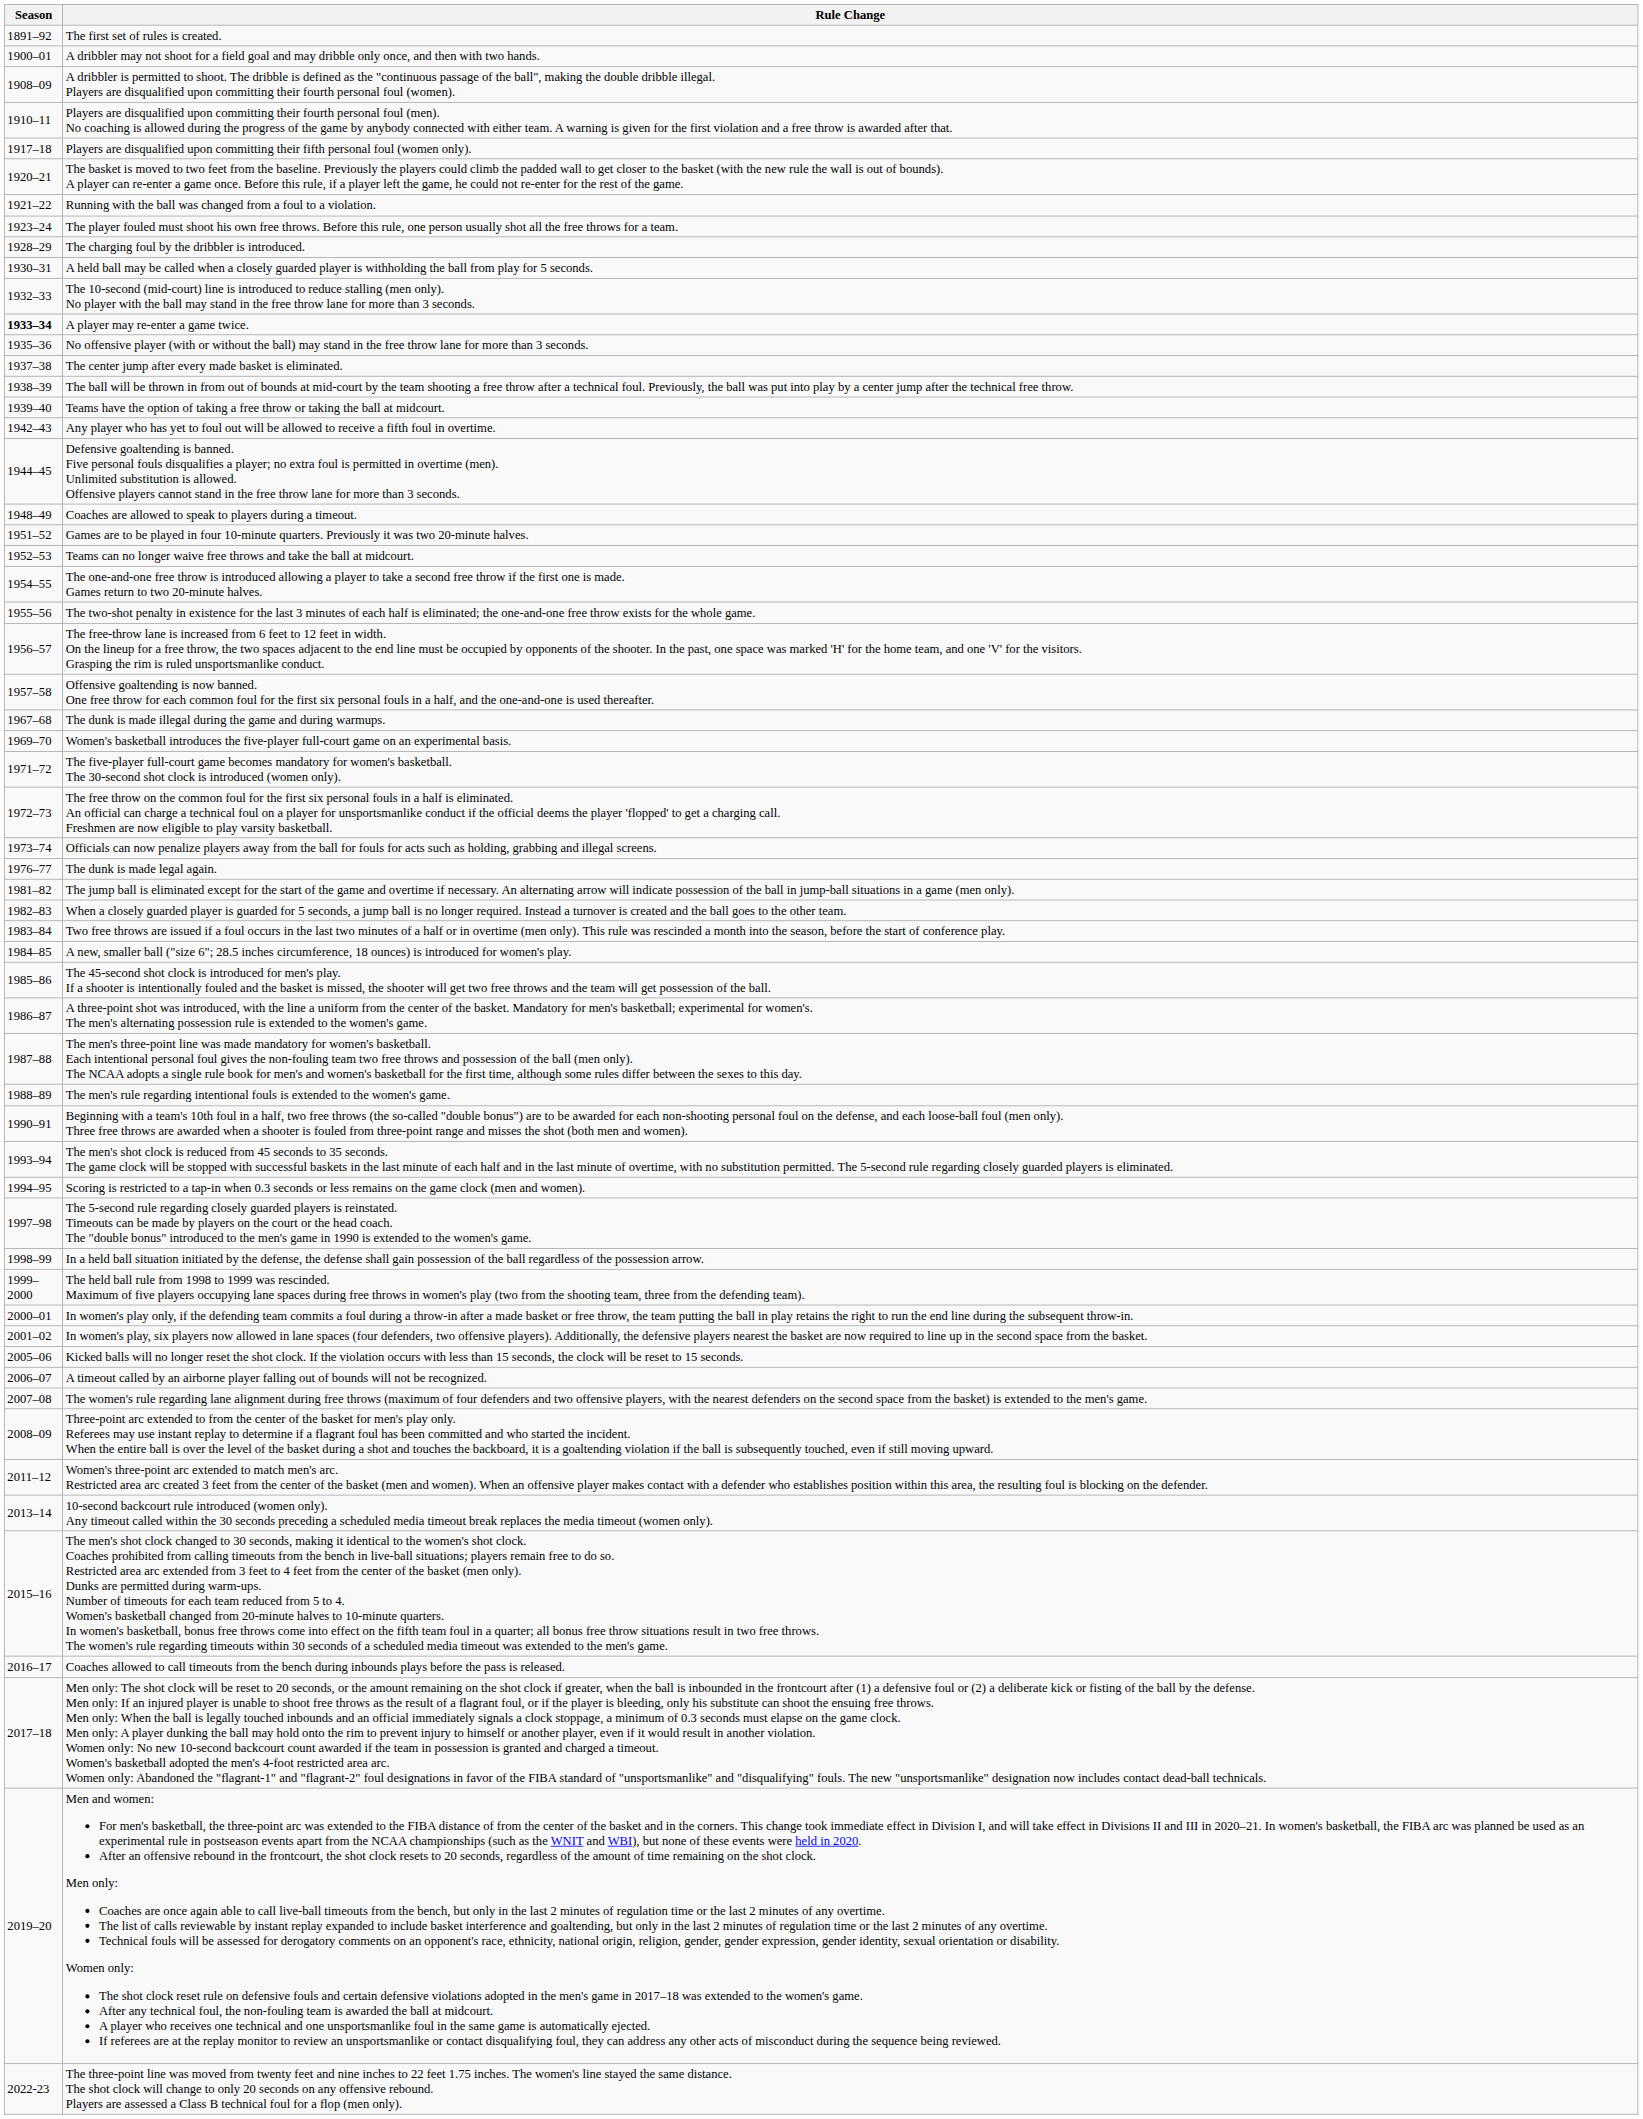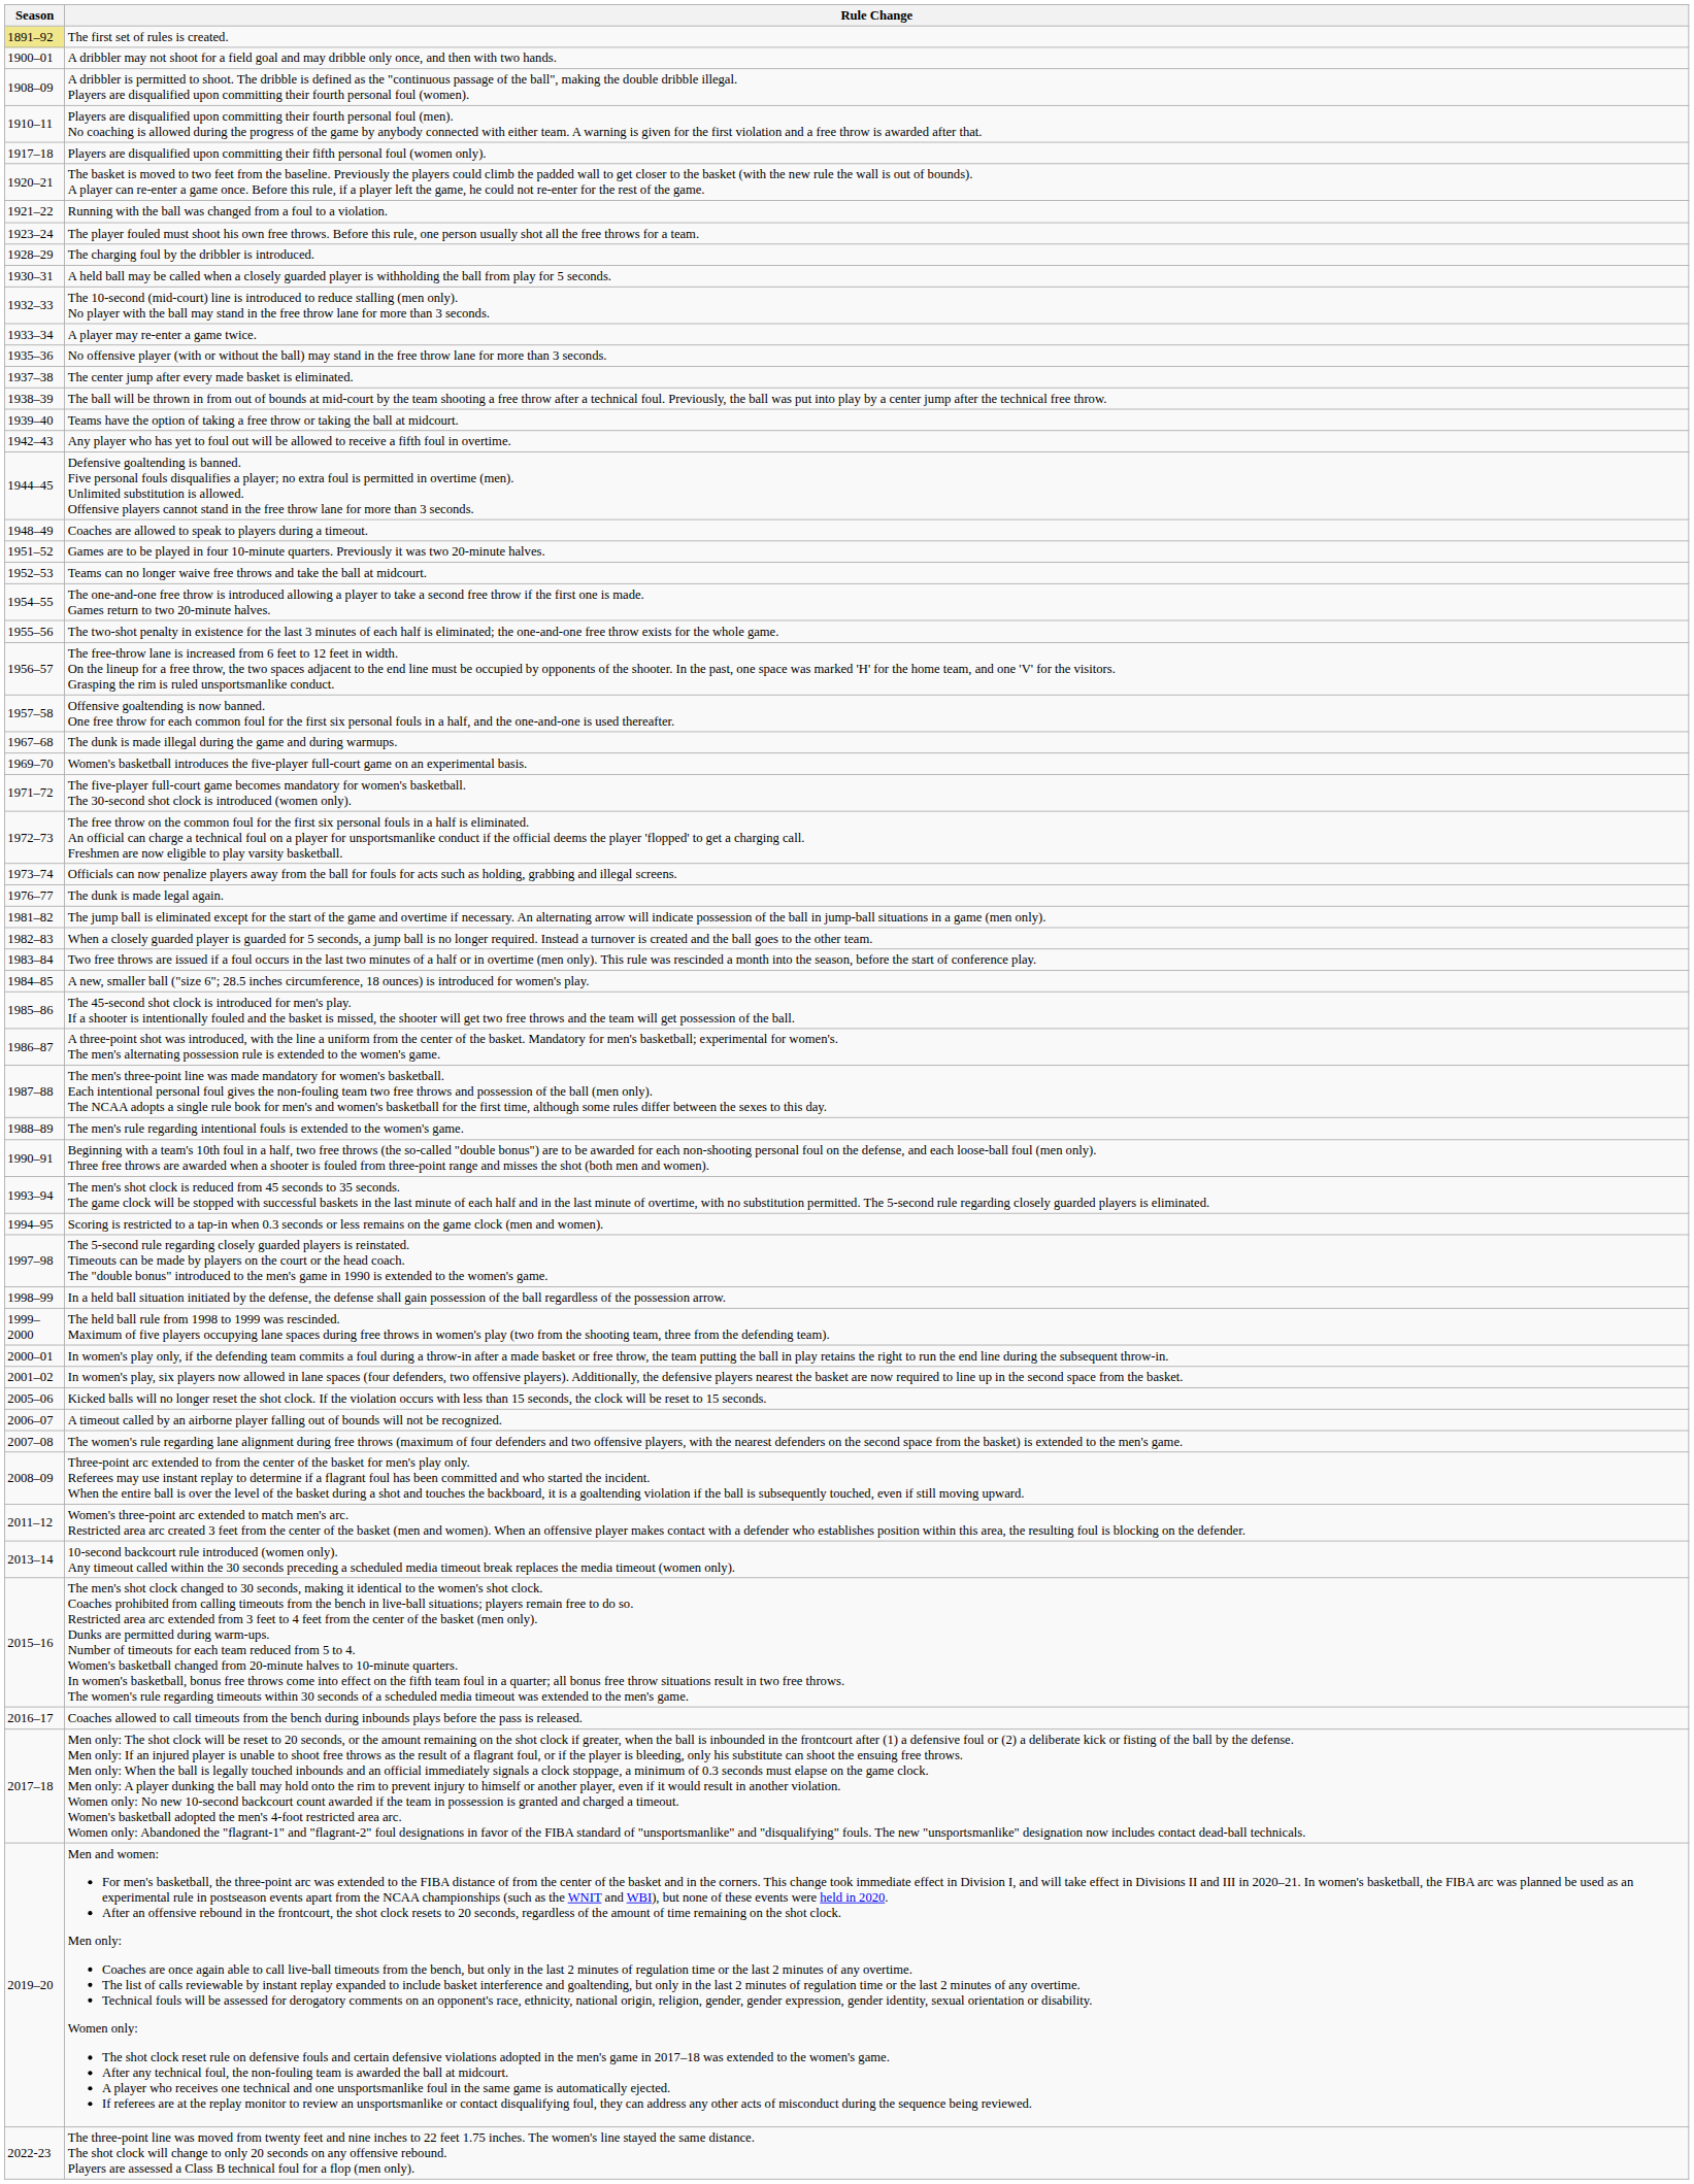 <table class="wikitable" style="font-size:95%;">
 <tr>
 <th>Season</th>
 <th>Rule Change</th>
 </tr>
 <tr>
-<td>1891–92</td>
+<td style="background: khaki;">1891–92</td>
 <td>The first set of rules is created.</td>
 </tr>
 <tr 1893-94  Women's rules are made>
 <td>1900–01</td>
 <td>A dribbler may not shoot for a field goal and may dribble only once, and then with two hands.</td>
 </tr>
 <tr>
 <td style="white-space: nowrap;">1908–09</td>
 <td>A dribbler is permitted to shoot. The dribble is defined as the "continuous passage of the ball", making the double dribble illegal.<br>Players are disqualified upon committing their fourth personal foul (women).<br></td>
 </tr>
 <tr>
 <td>1910–11</td>
 <td>Players are disqualified upon committing their fourth personal foul (men).<br>No coaching is allowed during the progress of the game by anybody connected with either team. A warning is given for the first violation and a free throw is awarded after that.</td>
 </tr>
 <tr>
 <td>1917–18</td>
 <td>Players are disqualified upon committing their fifth personal foul (women only).</td>
 </tr>
 <tr>
 <td>1920–21</td>
 <td>The basket is moved to two feet from the baseline. Previously the players could climb the padded wall to get closer to the basket (with the new rule the wall is out of bounds).<br>A player can re-enter a game once. Before this rule, if a player left the game, he could not re-enter for the rest of the game.</td>
 </tr>
 <tr>
 <td>1921–22</td>
 <td>Running with the ball was changed from a foul to a violation.</td>
 </tr>
 <tr>
 <td>1923–24</td>
 <td>The player fouled must shoot his own free throws. Before this rule, one person usually shot all the free throws for a team.</td>
 </tr>
 <tr>
 <td>1928–29</td>
 <td>The charging foul by the dribbler is introduced.</td>
 </tr>
 <tr>
 <td>1930–31</td>
 <td>A held ball may be called when a closely guarded player is withholding the ball from play for 5 seconds.</td>
 </tr>
 <tr>
 <td>1932–33</td>
 <td>The 10-second (mid-court) line is introduced to reduce stalling (men only).<br>No player with the ball may stand in the free throw lane for more than 3 seconds.</td>
 </tr>
 <tr>
-<td><strong>1933–34</strong></td>
+<td>1933–34</td>
 <td>A player may re-enter a game twice.</td>
 </tr>
 <tr>
 <td>1935–36</td>
 <td>No offensive player (with or without the ball) may stand in the free throw lane for more than 3 seconds.</td>
 </tr>
 <tr>
 <td>1937–38</td>
 <td>The center jump after every made basket is eliminated.</td>
 </tr>
 <tr>
 <td>1938–39</td>
 <td>The ball will be thrown in from out of bounds at mid-court by the team shooting a free throw after a technical foul. Previously, the ball was put into play by a center jump after the technical free throw.</td>
 </tr>
 <tr>
 <td>1939–40</td>
 <td>Teams have the option of taking a free throw or taking the ball at midcourt.</td>
 </tr>
 <tr>
 <td>1942–43</td>
 <td>Any player who has yet to foul out will be allowed to receive a fifth foul in overtime.</td>
 </tr>
 <tr>
 <td>1944–45</td>
 <td>Defensive goaltending is banned.<br>Five personal fouls disqualifies a player; no extra foul is permitted in overtime (men).<br>Unlimited substitution is allowed.<br>Offensive players cannot stand in the free throw lane for more than 3 seconds.</td>
 </tr>
 <tr>
 <td>1948–49</td>
 <td>Coaches are allowed to speak to players during a timeout.</td>
 </tr>
 <tr>
 <td>1951–52</td>
 <td>Games are to be played in four 10-minute quarters. Previously it was two 20-minute halves.</td>
 </tr>
 <tr>
 <td>1952–53</td>
 <td>Teams can no longer waive free throws and take the ball at midcourt.</td>
 </tr>
 <tr>
 <td>1954–55</td>
 <td>The one-and-one free throw is introduced allowing a player to take a second free throw if the first one is made.<br>Games return to two 20-minute halves.</td>
 </tr>
 <tr>
 <td>1955–56</td>
 <td>The two-shot penalty in existence for the last 3 minutes of each half is eliminated; the one-and-one free throw exists for the whole game.</td>
 </tr>
 <tr>
 <td>1956–57</td>
 <td>The free-throw lane is increased from 6 feet to 12 feet in width.<br>On the lineup for a free throw, the two spaces adjacent to the end line must be occupied by opponents of the shooter. In the past, one space was marked 'H' for the home team, and one 'V' for the visitors.<br>Grasping the rim is ruled unsportsmanlike conduct.</td>
 </tr>
 <tr>
 <td>1957–58</td>
 <td>Offensive goaltending is now banned.<br>One free throw for each common foul for the first six personal fouls in a half, and the one-and-one is used thereafter.</td>
 </tr>
 <tr>
 <td>1967–68</td>
 <td>The dunk is made illegal during the game and during warmups.</td>
 </tr>
 <tr>
 <td>1969–70</td>
 <td>Women's basketball introduces the five-player full-court game on an experimental basis.</td>
 </tr>
 <tr>
 <td>1971–72</td>
 <td>The five-player full-court game becomes mandatory for women's basketball.<br>The 30-second shot clock is introduced (women only).</td>
 </tr>
 <tr>
 <td>1972–73</td>
 <td>The free throw on the common foul for the first six personal fouls in a half is eliminated.<br>An official can charge a technical foul on a player for unsportsmanlike conduct if the official deems the player 'flopped' to get a charging call.<br>Freshmen are now eligible to play varsity basketball.</td>
 </tr>
 <tr>
 <td>1973–74</td>
 <td>Officials can now penalize players away from the ball for fouls for acts such as holding, grabbing and illegal screens.</td>
 </tr>
 <tr>
 <td>1976–77</td>
 <td>The dunk is made legal again.</td>
 </tr>
 <tr>
 <td>1981–82</td>
 <td>The jump ball is eliminated except for the start of the game and overtime if necessary. An alternating arrow will indicate possession of the ball in jump-ball situations in a game (men only).</td>
 </tr>
 <tr>
 <td>1982–83</td>
 <td>When a closely guarded player is guarded for 5 seconds, a jump ball is no longer required. Instead a turnover is created and the ball goes to the other team.</td>
 </tr>
 <tr>
 <td>1983–84</td>
 <td>Two free throws are issued if a foul occurs in the last two minutes of a half or in overtime (men only). This rule was rescinded a month into the season, before the start of conference play.</td>
 </tr>
 <tr>
 <td>1984–85</td>
 <td>A new, smaller ball ("size 6"; 28.5 inches circumference, 18 ounces) is introduced for women's play.</td>
 </tr>
 <tr>
 <td>1985–86</td>
 <td>The 45-second shot clock is introduced for men's play.<br>If a shooter is intentionally fouled and the basket is missed, the shooter will get two free throws and the team will get possession of the ball.</td>
 </tr>
 <tr>
 <td>1986–87</td>
 <td>A three-point shot was introduced, with the line a uniform  from the center of the basket. Mandatory for men's basketball; experimental for women's.<br>The men's alternating possession rule is extended to the women's game.</td>
 </tr>
 <tr>
 <td>1987–88</td>
 <td>The men's three-point line was made mandatory for women's basketball.<br>Each intentional personal foul gives the non-fouling team two free throws and possession of the ball (men only).<br>The NCAA adopts a single rule book for men's and women's basketball for the first time, although some rules differ between the sexes to this day.</td>
 </tr>
 <tr>
 <td>1988–89</td>
 <td>The men's rule regarding intentional fouls is extended to the women's game.</td>
 </tr>
 <tr>
 <td>1990–91</td>
 <td>Beginning with a team's 10th foul in a half, two free throws (the so-called "double bonus") are to be awarded for each non-shooting personal foul on the defense, and each loose-ball foul (men only).<br>Three free throws are awarded when a shooter is fouled from three-point range and misses the shot (both men and women).</td>
 </tr>
 <tr>
 <td>1993–94</td>
 <td>The men's shot clock is reduced from 45 seconds to 35 seconds.<br>The game clock will be stopped with successful baskets in the last minute of each half and in the last minute of overtime, with no substitution permitted. The 5-second rule regarding closely guarded players is eliminated.</td>
 </tr>
 <tr>
 <td>1994–95</td>
 <td>Scoring is restricted to a tap-in when 0.3 seconds or less remains on the game clock (men and women).</td>
 </tr>
 <tr>
 <td>1997–98</td>
 <td>The 5-second rule regarding closely guarded players is reinstated.<br>Timeouts can be made by players on the court or the head coach.<br>The "double bonus" introduced to the men's game in 1990 is extended to the women's game.</td>
 </tr>
 <tr>
 <td>1998–99</td>
 <td>In a held ball situation initiated by the defense, the defense shall gain possession of the ball regardless of the possession arrow.</td>
 </tr>
 <tr>
 <td>1999–2000</td>
 <td>The held ball rule from 1998 to 1999 was rescinded.<br>Maximum of five players occupying lane spaces during free throws in women's play (two from the shooting team, three from the defending team).</td>
 </tr>
 <tr>
 <td>2000–01</td>
 <td>In women's play only, if the defending team commits a foul during a throw-in after a made basket or free throw, the team putting the ball in play retains the right to run the end line during the subsequent throw-in.</td>
 </tr>
 <tr>
 <td>2001–02</td>
 <td>In women's play, six players now allowed in lane spaces (four defenders, two offensive players). Additionally, the defensive players nearest the basket are now required to line up in the second space from the basket.</td>
 </tr>
 <tr>
 <td>2005–06</td>
 <td>Kicked balls will no longer reset the shot clock. If the violation occurs with less than 15 seconds, the clock will be reset to 15 seconds.</td>
 </tr>
 <tr>
 <td>2006–07</td>
 <td>A timeout called by an airborne player falling out of bounds will not be recognized.</td>
 </tr>
 <tr>
 <td>2007–08</td>
 <td>The women's rule regarding lane alignment during free throws (maximum of four defenders and two offensive players, with the nearest defenders on the second space from the basket) is extended to the men's game.</td>
 </tr>
 <tr>
 <td>2008–09</td>
 <td>Three-point arc extended to  from the center of the basket for men's play only.<br>Referees may use instant replay to determine if a flagrant foul has been committed and who started the incident.<br>When the entire ball is over the level of the basket during a shot and touches the backboard, it is a goaltending violation if the ball is subsequently touched, even if still moving upward.</td>
 </tr>
 <tr>
 <td>2011–12</td>
 <td>Women's three-point arc extended to match men's arc.<br>Restricted area arc created 3 feet from the center of the basket (men and women). When an offensive player makes contact with a defender who establishes position within this area, the resulting foul is blocking on the defender.</td>
 </tr>
 <tr>
 <td>2013–14</td>
 <td>10-second backcourt rule introduced (women only).<br>Any timeout called within the 30 seconds preceding a scheduled media timeout break replaces the media timeout (women only).</td>
 </tr>
 <tr>
 <td>2015–16</td>
 <td>The men's shot clock changed to 30 seconds, making it identical to the women's shot clock.<br>Coaches prohibited from calling timeouts from the bench in live-ball situations; players remain free to do so.<br>Restricted area arc extended from 3 feet to 4 feet from the center of the basket (men only).<br>Dunks are permitted during warm-ups.<br>Number of timeouts for each team reduced from 5 to 4.<br>Women's basketball changed from 20-minute halves to 10-minute quarters.<br>In women's basketball, bonus free throws come into effect on the fifth team foul in a quarter; all bonus free throw situations result in two free throws.<br>The women's rule regarding timeouts within 30 seconds of a scheduled media timeout was extended to the men's game.</td>
 </tr>
 <tr>
 <td>2016–17</td>
 <td>Coaches allowed to call timeouts from the bench during inbounds plays before the pass is released.</td>
 </tr>
 <tr>
 <td>2017–18</td>
 <td>Men only: The shot clock will be reset to 20 seconds, or the amount remaining on the shot clock if greater, when the ball is inbounded in the frontcourt after (1) a defensive foul or (2) a deliberate kick or fisting of the ball by the defense.<br>Men only: If an injured player is unable to shoot free throws as the result of a flagrant foul, or if the player is bleeding, only his substitute can shoot the ensuing free throws.<br>Men only: When the ball is legally touched inbounds and an official immediately signals a clock stoppage, a minimum of 0.3 seconds must elapse on the game clock.<br>Men only: A player dunking the ball may hold onto the rim to prevent injury to himself or another player, even if it would result in another violation.<br>Women only: No new 10-second backcourt count awarded if the team in possession is granted and charged a timeout.<br>Women's basketball adopted the men's 4-foot restricted area arc.<br>Women only: Abandoned the "flagrant-1" and "flagrant-2" foul designations in favor of the FIBA standard of "unsportsmanlike" and "disqualifying" fouls. The new "unsportsmanlike" designation now includes contact dead-ball technicals.</td>
 </tr>
 <tr>
 <td>2019–20</td>
 <td>Men and women:<br><ul><li>For men's basketball, the three-point arc was extended to the FIBA distance of  from the center of the basket and  in the corners. This change took immediate effect in Division I, and will take effect in Divisions II and III in 2020–21. In women's basketball, the FIBA arc was planned be used as an experimental rule in postseason events apart from the NCAA championships (such as the <a href='#'>WNIT</a> and <a href='#'>WBI</a>), but none of these events were <a href='#'>held in 2020</a>.</li><li>After an offensive rebound in the frontcourt, the shot clock resets to 20 seconds, regardless of the amount of time remaining on the shot clock.</li></ul>Men only:<ul><li>Coaches are once again able to call live-ball timeouts from the bench, but only in the last 2 minutes of regulation time or the last 2 minutes of any overtime.</li><li>The list of calls reviewable by instant replay expanded to include basket interference and goaltending, but only in the last 2 minutes of regulation time or the last 2 minutes of any overtime.</li><li>Technical fouls will be assessed for derogatory comments on an opponent's race, ethnicity, national origin, religion, gender, gender expression, gender identity, sexual orientation or disability.</li></ul>Women only:<ul><li>The shot clock reset rule on defensive fouls and certain defensive violations adopted in the men's game in 2017–18 was extended to the women's game.</li><li>After any technical foul, the non-fouling team is awarded the ball at midcourt.</li><li>A player who receives one technical and one unsportsmanlike foul in the same game is automatically ejected.</li><li>If referees are at the replay monitor to review an unsportsmanlike or contact disqualifying foul, they can address any other acts of misconduct during the sequence being reviewed.</li></ul></td>
 </tr>
 <tr>
 <td>2022-23</td>
 <td>The three-point line was moved from twenty feet and nine inches to 22 feet 1.75 inches. The women's line stayed the same distance.<br>The shot clock will change to only 20 seconds on any offensive rebound.<br>Players are assessed a Class B technical foul for a flop (men only).</td>
 </tr>
 </table>
